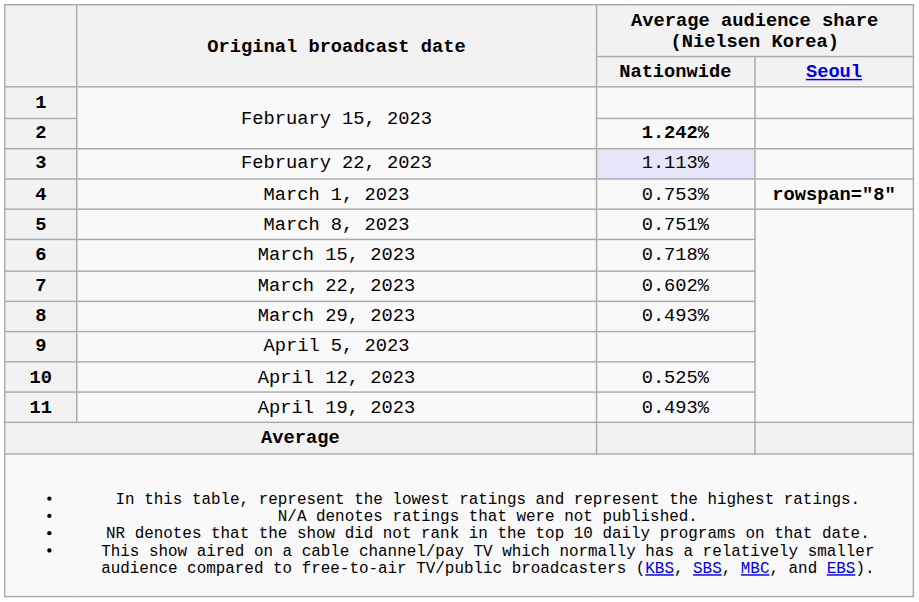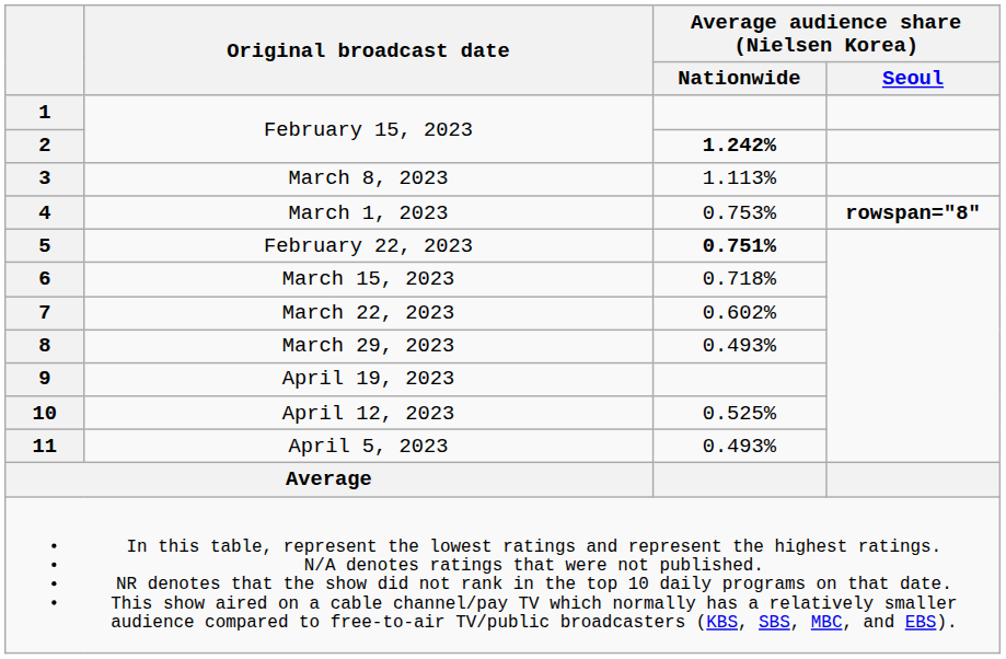 <table class="wikitable" style="text-align:center; width:50%">
 <tr>
 <th scope="col" rowspan="2"></th>
 <th scope="col" rowspan="2">Original broadcast date</th>
 <th scope="col" colspan="2">Average audience share<br>(Nielsen Korea)</th>
 </tr>
 <tr>
 <th scope="col" style="width:8em">Nationwide</th>
 <th scope="col" style="width:8em"><a href='#'>Seoul</a></th>
 </tr>
 <tr>
 <th>1</th>
 <td rowspan="2">February 15, 2023</td>
 <td><strong></strong> </td>
 <td><strong></strong> </td>
 </tr>
 <tr>
 <th>2</th>
 <td><strong>1.242% </strong></td>
 <td><strong></strong> </td>
 </tr>
 <tr>
 <th>3</th>
-<td>February 22, 2023</td>
-<td style="background: lavender;">1.113% </td>
+<td>March 8, 2023</td>
+<td>1.113% </td>
 <td><strong></strong> </td>
 </tr>
 <tr>
 <th>4</th>
 <td>March 1, 2023</td>
 <td>0.753% </td>
 <td><strong>rowspan="8" </strong></td>
 </tr>
 <tr>
 <th>5</th>
-<td>March 8, 2023</td>
-<td>0.751% </td>
+<td>February 22, 2023</td>
+<td><strong>0.751% </strong></td>
 </tr>
 <tr>
 <th>6</th>
 <td>March 15, 2023</td>
 <td>0.718% </td>
 </tr>
 <tr>
 <th>7</th>
 <td>March 22, 2023</td>
 <td>0.602% </td>
 </tr>
 <tr>
 <th>8</th>
 <td>March 29, 2023</td>
 <td>0.493% </td>
 </tr>
 <tr>
 <th>9</th>
-<td>April 5, 2023</td>
+<td>April 19, 2023</td>
 <td><strong></strong> </td>
 </tr>
 <tr>
 <th>10</th>
 <td>April 12, 2023</td>
 <td>0.525% </td>
 </tr>
 <tr>
 <th>11</th>
-<td>April 19, 2023</td>
+<td>April 5, 2023</td>
 <td>0.493% </td>
 </tr>
 <tr>
 <th colspan="2">Average</th>
 <th></th>
 <th></th>
 </tr>
 <tr>
 <td colspan="4" style="font-size:85%"><br><ul><li>In this table, <strong></strong> represent the lowest ratings and <strong></strong> represent the highest ratings.</li><li>N/A denotes ratings that were not published.</li><li>NR denotes that the show did not rank in the top 10 daily programs on that date.</li><li>This show aired on a cable channel/pay TV which normally has a relatively smaller audience compared to free-to-air TV/public broadcasters (<a href='#'>KBS</a>, <a href='#'>SBS</a>, <a href='#'>MBC</a>, and <a href='#'>EBS</a>).</li></ul></td>
 </tr>
 </table>
